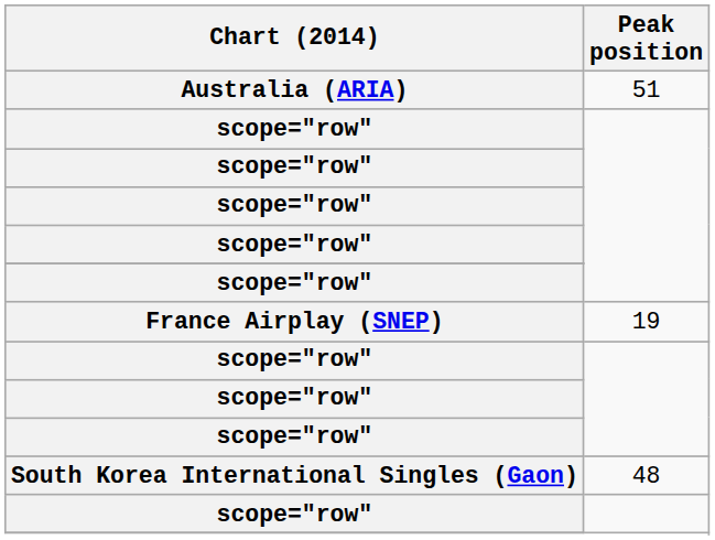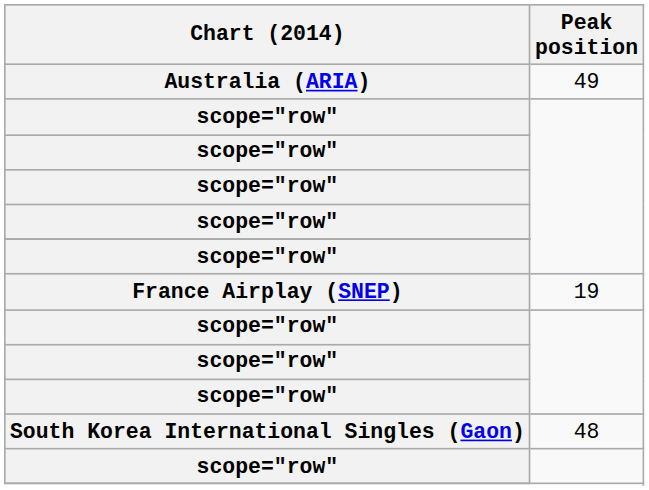 <table class="wikitable sortable plainrowheaders">
 <tr>
 <th scope="col">Chart (2014)</th>
 <th scope="col">Peak<br>position</th>
 </tr>
 <tr>
 <th scope="row">Australia (<a href='#'>ARIA</a>)</th>
-<td style="text-align:center;">51</td>
+<td style="text-align:center;">49</td>
 </tr>
 <tr>
 <th>scope="row" </th>
 </tr>
 <tr>
 <th>scope="row" </th>
 </tr>
 <tr>
 <th>scope="row" </th>
 </tr>
 <tr>
 <th>scope="row" </th>
 </tr>
 <tr>
 </tr>
 <tr>
 <th>scope="row" </th>
 </tr>
 <tr>
 <th scope="row">France Airplay (<a href='#'>SNEP</a>)</th>
 <td style="text-align:center;">19</td>
 </tr>
 <tr>
 <th>scope="row" </th>
 </tr>
 <tr>
 <th>scope="row" </th>
 </tr>
 <tr>
 <th>scope="row" </th>
 </tr>
 <tr>
 <th scope="row">South Korea International Singles (<a href='#'>Gaon</a>)</th>
 <td style="text-align:center;">48</td>
 </tr>
 <tr>
 <th>scope="row" </th>
 </tr>
 <tr>
 </tr>
 </table>
